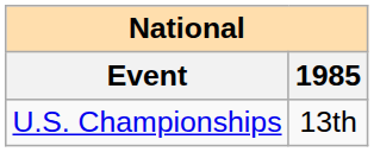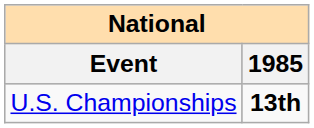 <table class="wikitable" style="text-align:center">
 <tr>
 <th style="background-color: #ffdead; " colspan=3 align=center>National</th>
 </tr>
 <tr>
 <th>Event</th>
 <th>1985</th>
 </tr>
 <tr>
 <td align=left><a href='#'>U.S. Championships</a></td>
-<td>13th</td>
+<td><strong>13th</strong></td>
 </tr>
 </table>
